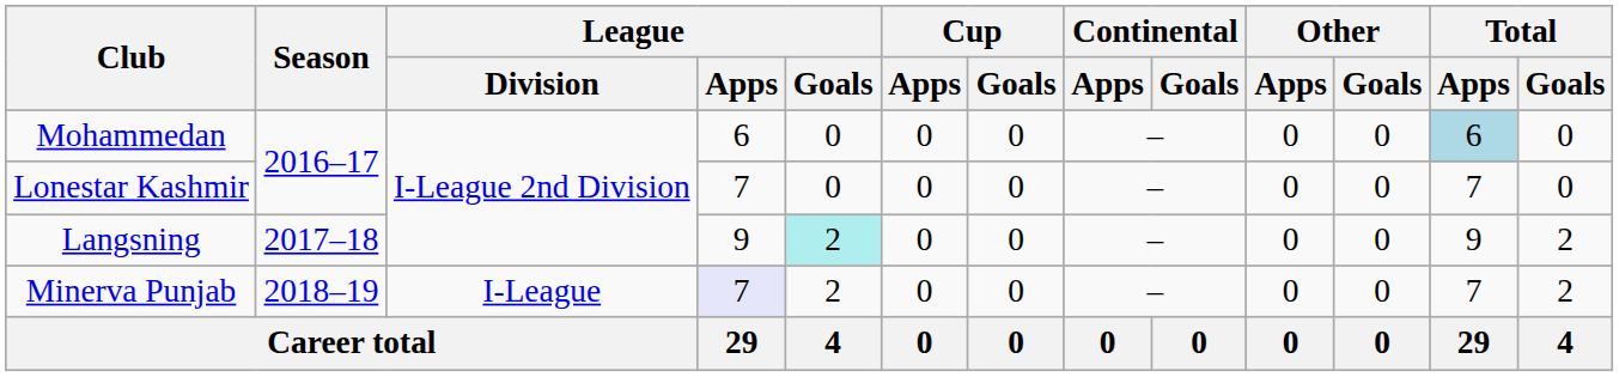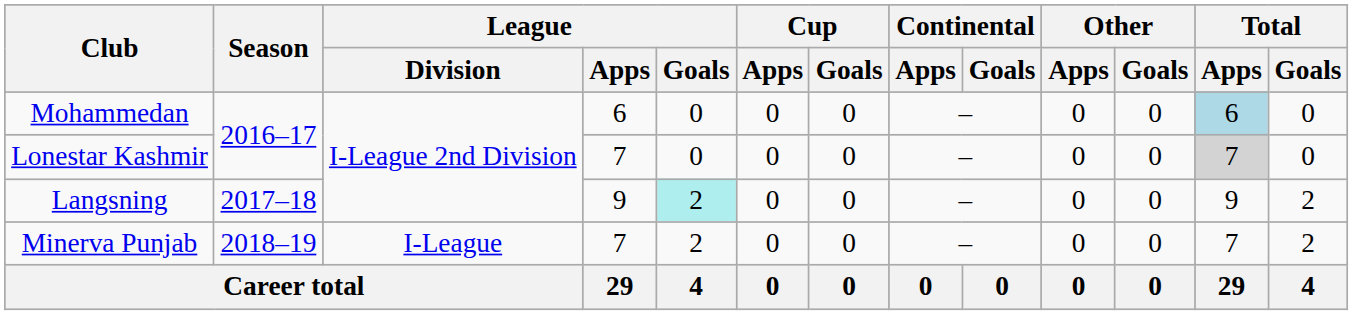 <table class="wikitable" style="text-align: center">
 <tr>
 <th rowspan="2">Club</th>
 <th rowspan="2">Season</th>
 <th colspan="3">League</th>
 <th colspan="2">Cup</th>
 <th colspan="2">Continental</th>
 <th colspan="2">Other</th>
 <th colspan="2">Total</th>
 </tr>
 <tr>
 <th>Division</th>
 <th>Apps</th>
 <th>Goals</th>
 <th>Apps</th>
 <th>Goals</th>
 <th>Apps</th>
 <th>Goals</th>
 <th>Apps</th>
 <th>Goals</th>
 <th>Apps</th>
 <th>Goals</th>
 </tr>
 <tr>
 <td><a href='#'>Mohammedan</a></td>
 <td rowspan="2"><a href='#'>2016–17</a></td>
 <td rowspan="3"><a href='#'>I-League 2nd Division</a></td>
 <td>6</td>
 <td>0</td>
 <td>0</td>
 <td>0</td>
 <td colspan="2">–</td>
 <td>0</td>
 <td>0</td>
 <td style="background: lightblue;">6</td>
 <td>0</td>
 </tr>
 <tr>
 <td><a href='#'>Lonestar Kashmir</a></td>
 <td>7</td>
 <td>0</td>
 <td>0</td>
 <td>0</td>
 <td colspan="2">–</td>
 <td>0</td>
 <td>0</td>
-<td>7</td>
+<td style="background: lightgrey;">7</td>
 <td>0</td>
 </tr>
 <tr>
 <td><a href='#'>Langsning</a></td>
 <td><a href='#'>2017–18</a></td>
 <td>9</td>
 <td style="background: paleturquoise;">2</td>
 <td>0</td>
 <td>0</td>
 <td colspan="2">–</td>
 <td>0</td>
 <td>0</td>
 <td>9</td>
 <td>2</td>
 </tr>
 <tr>
 <td><a href='#'>Minerva Punjab</a></td>
 <td><a href='#'>2018–19</a></td>
 <td><a href='#'>I-League</a></td>
-<td style="background: lavender;">7</td>
+<td>7</td>
 <td>2</td>
 <td>0</td>
 <td>0</td>
 <td colspan="2">–</td>
 <td>0</td>
 <td>0</td>
 <td>7</td>
 <td>2</td>
 </tr>
 <tr>
 <th colspan="3"><strong>Career total</strong></th>
 <th>29</th>
 <th>4</th>
 <th>0</th>
 <th>0</th>
 <th>0</th>
 <th>0</th>
 <th>0</th>
 <th>0</th>
 <th>29</th>
 <th>4</th>
 </tr>
 </table>
